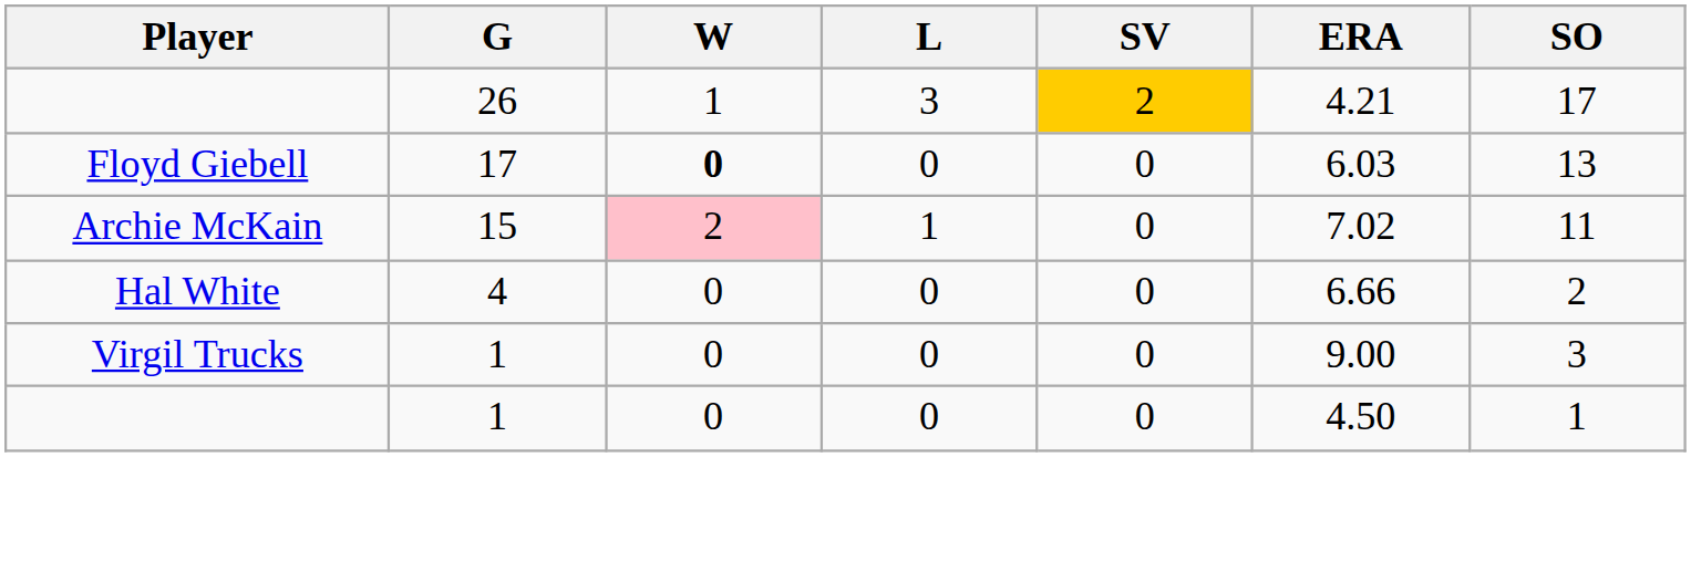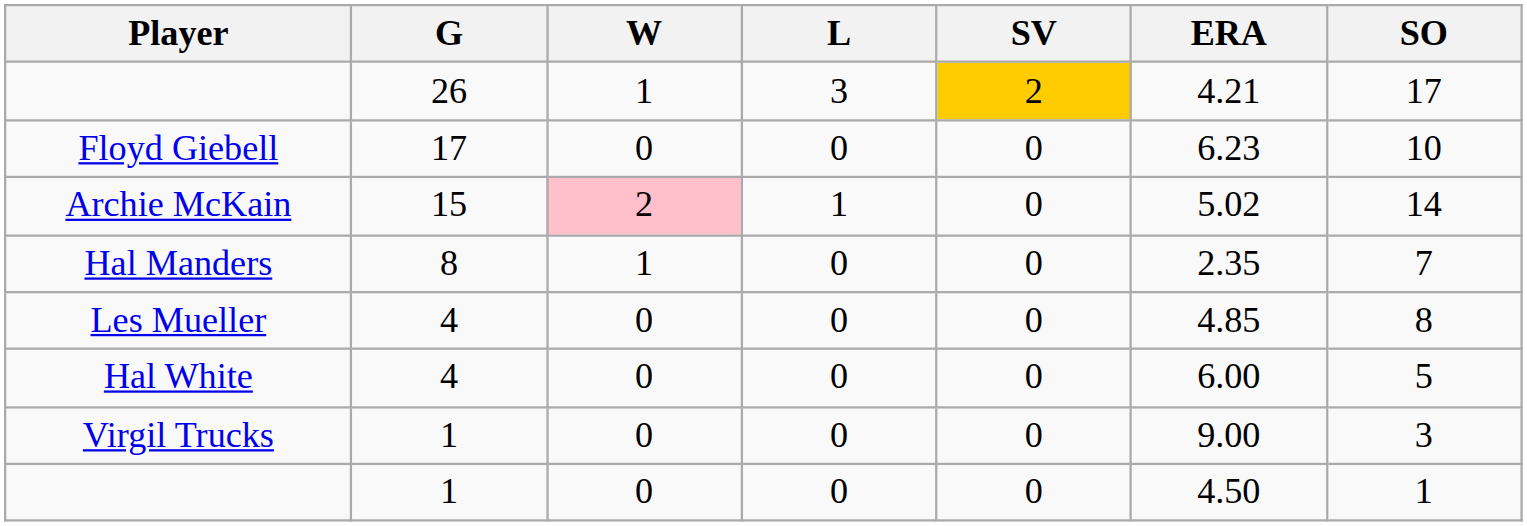 <table class="wikitable sortable">
 <tr>
 <th bgcolor="#DDDDFF" width="16%">Player</th>
 <th bgcolor="#DDDDFF" width="9%">G</th>
 <th bgcolor="#DDDDFF" width="9%">W</th>
 <th bgcolor="#DDDDFF" width="9%">L</th>
 <th bgcolor="#DDDDFF" width="9%">SV</th>
 <th bgcolor="#DDDDFF" width="9%">ERA</th>
 <th bgcolor="#DDDDFF" width="9%">SO</th>
 </tr>
 <tr align="center">
 <td></td>
 <td>26</td>
 <td>1</td>
 <td>3</td>
 <td style="background:#fc0;">2</td>
 <td>4.21</td>
 <td>17</td>
 </tr>
 <tr align="center">
 <td><a href='#'>Floyd Giebell</a></td>
 <td>17</td>
-<td><strong>0</strong></td>
 <td>0</td>
 <td>0</td>
-<td>6.03</td>
-<td>13</td>
+<td>0</td>
+<td>6.23</td>
+<td>10</td>
 </tr>
 <tr align="center">
 <td><a href='#'>Archie McKain</a></td>
 <td>15</td>
 <td style="background: pink;">2</td>
 <td>1</td>
 <td>0</td>
-<td>7.02</td>
-<td>11</td>
+<td>5.02</td>
+<td>14</td>
+</tr>
+<tr align="center">
+<td><a href='#'>Hal Manders</a></td>
+<td>8</td>
+<td>1</td>
+<td>0</td>
+<td>0</td>
+<td>2.35</td>
+<td>7</td>
+</tr>
+<tr align="center">
+<td><a href='#'>Les Mueller</a></td>
+<td>4</td>
+<td>0</td>
+<td>0</td>
+<td>0</td>
+<td>4.85</td>
+<td>8</td>
 </tr>
 <tr align="center">
 <td><a href='#'>Hal White</a></td>
 <td>4</td>
 <td>0</td>
 <td>0</td>
 <td>0</td>
-<td>6.66</td>
-<td>2</td>
+<td>6.00</td>
+<td>5</td>
 </tr>
 <tr align="center">
 <td><a href='#'>Virgil Trucks</a></td>
 <td>1</td>
 <td>0</td>
 <td>0</td>
 <td>0</td>
 <td>9.00</td>
 <td>3</td>
 </tr>
 <tr align="center">
 <td></td>
 <td>1</td>
 <td>0</td>
 <td>0</td>
 <td>0</td>
 <td>4.50</td>
 <td>1</td>
 </tr>
 </table>
